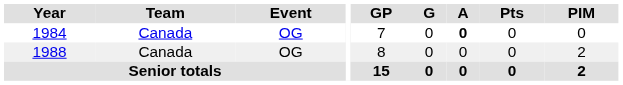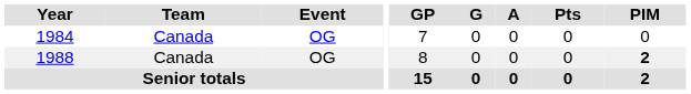 <table border="0" cellpadding="1" cellspacing="0" ID="Table3" style="text-align:center; width:40em">
 <tr ALIGN="center" bgcolor="#e0e0e0">
 <th>Year</th>
 <th>Team</th>
 <th>Event</th>
 <th rowspan="99" bgcolor="#ffffff"></th>
 <th>GP</th>
 <th>G</th>
 <th>A</th>
 <th>Pts</th>
 <th>PIM</th>
 </tr>
 <tr>
 <td><a href='#'>1984</a></td>
 <td><a href='#'>Canada</a></td>
 <td><a href='#'>OG</a></td>
 <td>7</td>
 <td>0</td>
-<td><strong>0</strong></td>
+<td>0</td>
 <td>0</td>
 <td>0</td>
 </tr>
 <tr bgcolor="#f0f0f0">
 <td><a href='#'>1988</a></td>
 <td>Canada</td>
 <td>OG</td>
 <td>8</td>
 <td>0</td>
 <td>0</td>
 <td>0</td>
-<td>2</td>
+<td><strong>2</strong></td>
 </tr>
 <tr bgcolor="#e0e0e0">
 <th colspan="3">Senior totals</th>
 <th>15</th>
 <th>0</th>
 <th>0</th>
 <th>0</th>
 <th>2</th>
 </tr>
 </table>
